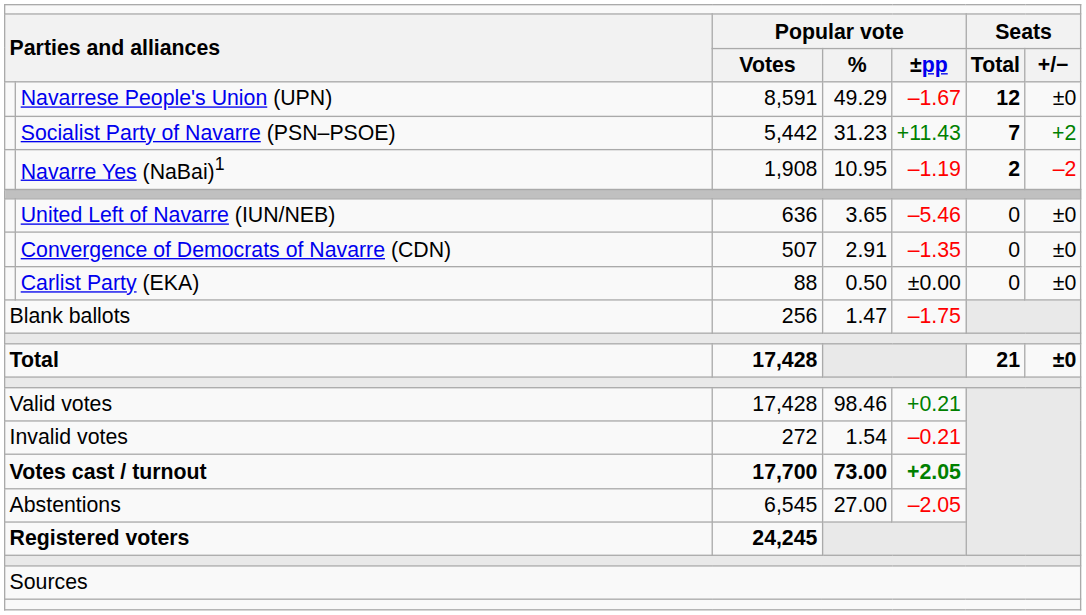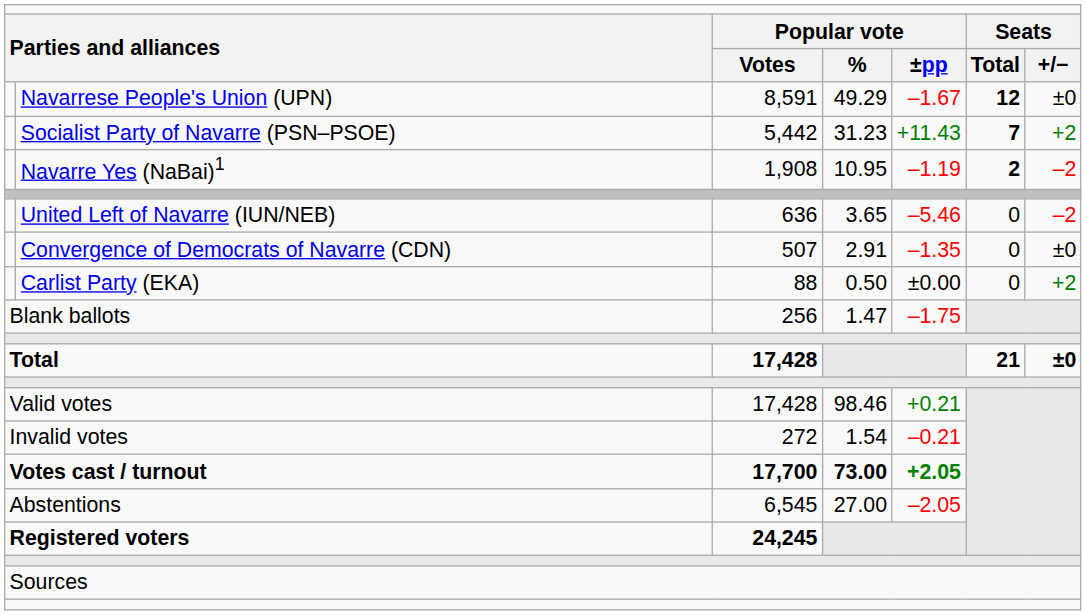 <table class="wikitable" style="text-align:right;">
 <tr>
 <td colspan="7"></td>
 </tr>
 <tr>
 <th style="text-align:left;" rowspan="2" colspan="2" width="525">Parties and alliances</th>
 <th colspan="3">Popular vote</th>
 <th colspan="2">Seats</th>
 </tr>
 <tr>
 <th width="75">Votes</th>
 <th width="45">%</th>
 <th width="45">±<a href='#'>pp</a></th>
 <th width="35">Total</th>
 <th width="35">+/−</th>
 </tr>
 <tr>
 <td width="1" style="color:inherit;background:"></td>
 <td align="left"><a href='#'>Navarrese People's Union</a> (UPN)</td>
 <td>8,591</td>
 <td>49.29</td>
 <td style="color:red;">–1.67</td>
 <td><strong>12</strong></td>
 <td>±0</td>
 </tr>
 <tr>
 <td style="color:inherit;background:"></td>
 <td align="left"><a href='#'>Socialist Party of Navarre</a> (PSN–PSOE)</td>
 <td>5,442</td>
 <td>31.23</td>
 <td style="color:green;">+11.43</td>
 <td><strong>7</strong></td>
 <td style="color:green;">+2</td>
 </tr>
 <tr>
 <td style="color:inherit;background:"></td>
 <td align="left"><a href='#'>Navarre Yes</a> (NaBai)<sup>1</sup></td>
 <td>1,908</td>
 <td>10.95</td>
 <td style="color:red;">–1.19</td>
 <td><strong>2</strong></td>
 <td style="color:red;">–2</td>
 </tr>
 <tr>
 <td colspan="7" bgcolor="#C0C0C0"></td>
 </tr>
 <tr>
 <td style="color:inherit;background:"></td>
 <td align="left"><a href='#'>United Left of Navarre</a> (IUN/NEB)</td>
 <td>636</td>
 <td>3.65</td>
 <td style="color:red;">–5.46</td>
 <td>0</td>
-<td>±0</td>
+<td style="color:red;">–2</td>
 </tr>
 <tr>
 <td style="color:inherit;background:"></td>
 <td align="left"><a href='#'>Convergence of Democrats of Navarre</a> (CDN)</td>
 <td>507</td>
 <td>2.91</td>
 <td style="color:red;">–1.35</td>
 <td>0</td>
 <td>±0</td>
 </tr>
 <tr>
 <td style="color:inherit;background:"></td>
 <td align="left"><a href='#'>Carlist Party</a> (EKA)</td>
 <td>88</td>
 <td>0.50</td>
 <td>±0.00</td>
 <td>0</td>
-<td>±0</td>
+<td style="color:green;">+2</td>
 </tr>
 <tr>
 <td align="left" colspan="2">Blank ballots</td>
 <td>256</td>
 <td>1.47</td>
 <td style="color:red;">–1.75</td>
 <td bgcolor="#E9E9E9" colspan="2"></td>
 </tr>
 <tr>
 <td colspan="7" bgcolor="#E9E9E9"></td>
 </tr>
 <tr style="font-weight:bold;">
 <td align="left" colspan="2">Total</td>
 <td>17,428</td>
 <td bgcolor="#E9E9E9" colspan="2"></td>
 <td>21</td>
 <td>±0</td>
 </tr>
 <tr>
 <td colspan="7" bgcolor="#E9E9E9"></td>
 </tr>
 <tr>
 <td align="left" colspan="2">Valid votes</td>
 <td>17,428</td>
 <td>98.46</td>
 <td style="color:green;">+0.21</td>
 <td bgcolor="#E9E9E9" colspan="2" rowspan="5"></td>
 </tr>
 <tr>
 <td align="left" colspan="2">Invalid votes</td>
 <td>272</td>
 <td>1.54</td>
 <td style="color:red;">–0.21</td>
 </tr>
 <tr style="font-weight:bold;">
 <td align="left" colspan="2">Votes cast / turnout</td>
 <td>17,700</td>
 <td>73.00</td>
 <td style="color:green;">+2.05</td>
 </tr>
 <tr>
 <td align="left" colspan="2">Abstentions</td>
 <td>6,545</td>
 <td>27.00</td>
 <td style="color:red;">–2.05</td>
 </tr>
 <tr style="font-weight:bold;">
 <td align="left" colspan="2">Registered voters</td>
 <td>24,245</td>
 <td bgcolor="#E9E9E9" colspan="2"></td>
 </tr>
 <tr>
 <td colspan="7" bgcolor="#E9E9E9"></td>
 </tr>
 <tr>
 <td align="left" colspan="7">Sources</td>
 </tr>
 <tr>
 <td colspan="7" style="text-align:left; max-width:790px;"></td>
 </tr>
 </table>
